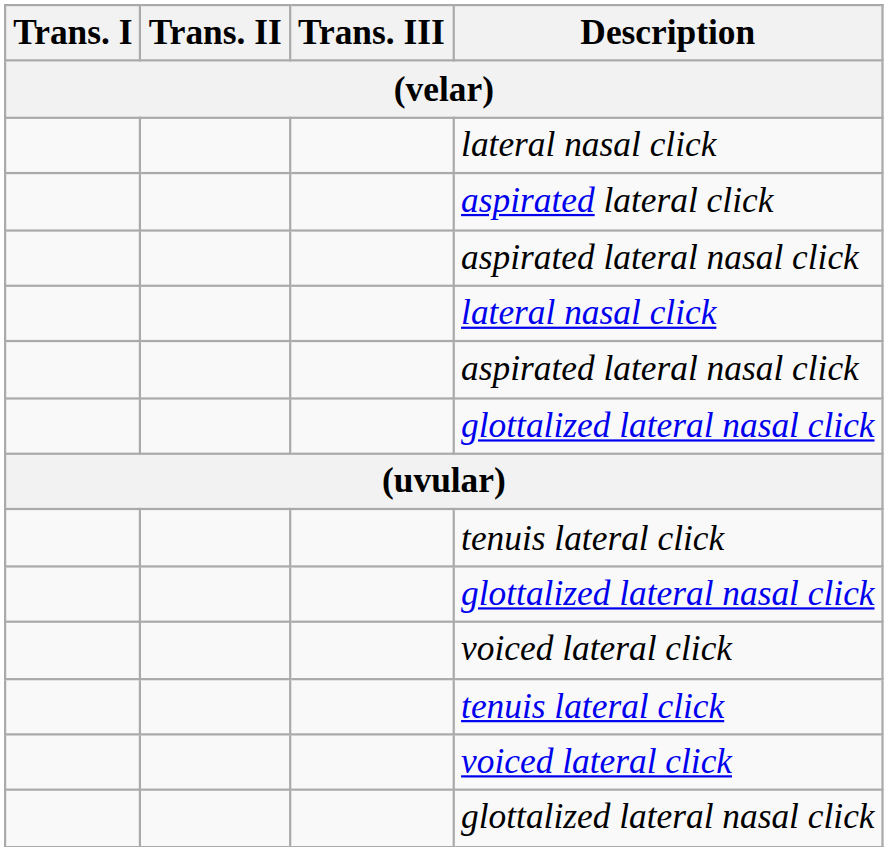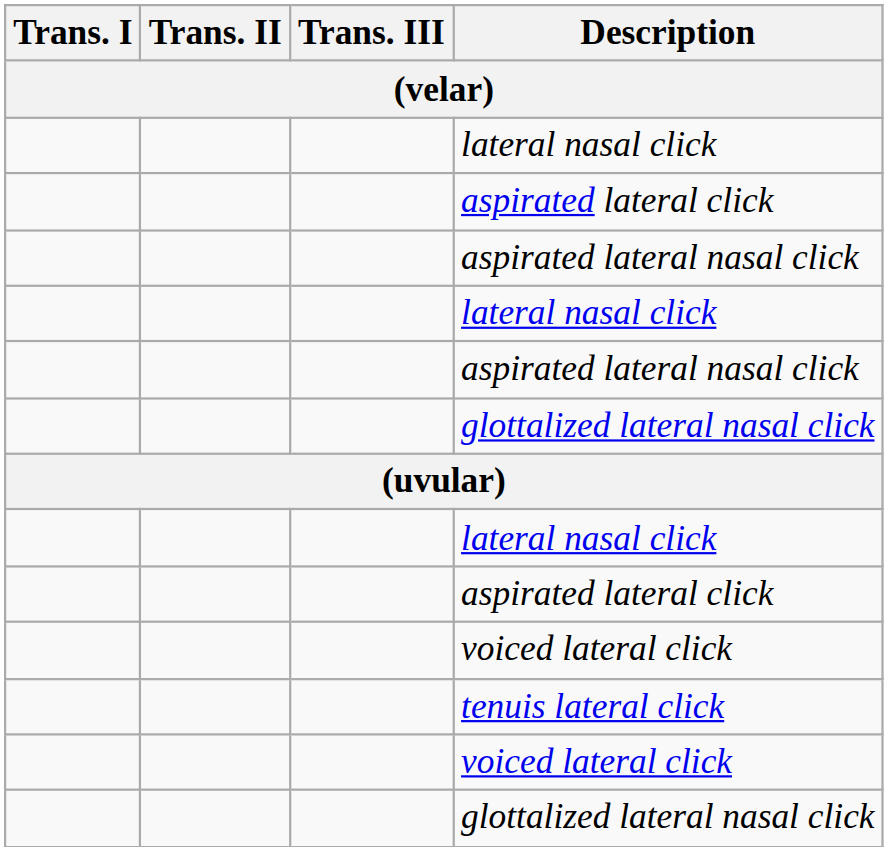 <table class="wikitable">
 <tr>
 <th>Trans. I</th>
 <th>Trans. II</th>
 <th>Trans. III</th>
 <th>Description</th>
 </tr>
 <tr>
 <th colspan=4>(velar)</th>
 </tr>
 <tr>
 <td style="font-size:24px" align="center"></td>
 <td style="font-size:24px" align="center"></td>
 <td style="font-size:24px" align="center"></td>
 <td><em>lateral nasal click</em></td>
 </tr>
 <tr>
 <td style="font-size:24px" align="center"></td>
 <td style="font-size:24px" align="center"></td>
 <td style="font-size:24px" align="center"></td>
 <td><em><a href='#'>aspirated</a> lateral click</em></td>
 </tr>
 <tr>
 <td style="font-size:24px" align="center"></td>
 <td style="font-size:24px" align="center"></td>
 <td style="font-size:24px" align="center"></td>
 <td><em>aspirated lateral nasal click</em></td>
 </tr>
 <tr>
 <td style="font-size:24px" align="center"></td>
 <td style="font-size:24px" align="center"></td>
 <td style="font-size:24px" align="center"></td>
 <td><em><a href='#'>lateral nasal click</a></em></td>
 </tr>
 <tr>
 <td style="font-size:24px" align="center"></td>
 <td style="font-size:24px" align="center"></td>
 <td style="font-size:24px" align="center"></td>
 <td><em>aspirated lateral nasal click</em></td>
 </tr>
 <tr>
 <td style="font-size:24px" align="center"></td>
 <td style="font-size:24px" align="center"></td>
 <td style="font-size:24px" align="center"></td>
 <td><em><a href='#'>glottalized lateral nasal click</a></em></td>
 </tr>
 <tr>
 <th colspan=4>(uvular)</th>
 </tr>
 <tr>
 <td style="font-size:24px" align="center"></td>
 <td style="font-size:24px" align="center"></td>
 <td></td>
-<td><em>tenuis lateral click</em></td>
+<td><em><a href='#'>lateral nasal click</a></em></td>
 </tr>
 <tr>
 <td style="font-size:24px" align="center"></td>
 <td style="font-size:24px" align="center"></td>
 <td></td>
-<td><em><a href='#'>glottalized lateral nasal click</a></em></td>
+<td><em>aspirated lateral click</em></td>
 </tr>
 <tr>
 <td style="font-size:24px" align="center"></td>
 <td style="font-size:24px" align="center"></td>
 <td></td>
 <td><em>voiced lateral click</em></td>
 </tr>
 <tr>
 <td style="font-size:24px" align="center"></td>
 <td style="font-size:24px" align="center"></td>
 <td></td>
 <td><em><a href='#'>tenuis lateral click</a></em></td>
 </tr>
 <tr>
 <td style="font-size:24px" align="center"></td>
 <td style="font-size:24px" align="center"></td>
 <td></td>
 <td><em><a href='#'>voiced lateral click</a></em></td>
 </tr>
 <tr>
 <td style="font-size:24px" align="center"></td>
 <td style="font-size:24px" align="center"></td>
 <td></td>
 <td><em>glottalized lateral nasal click</em></td>
 </tr>
 </table>
